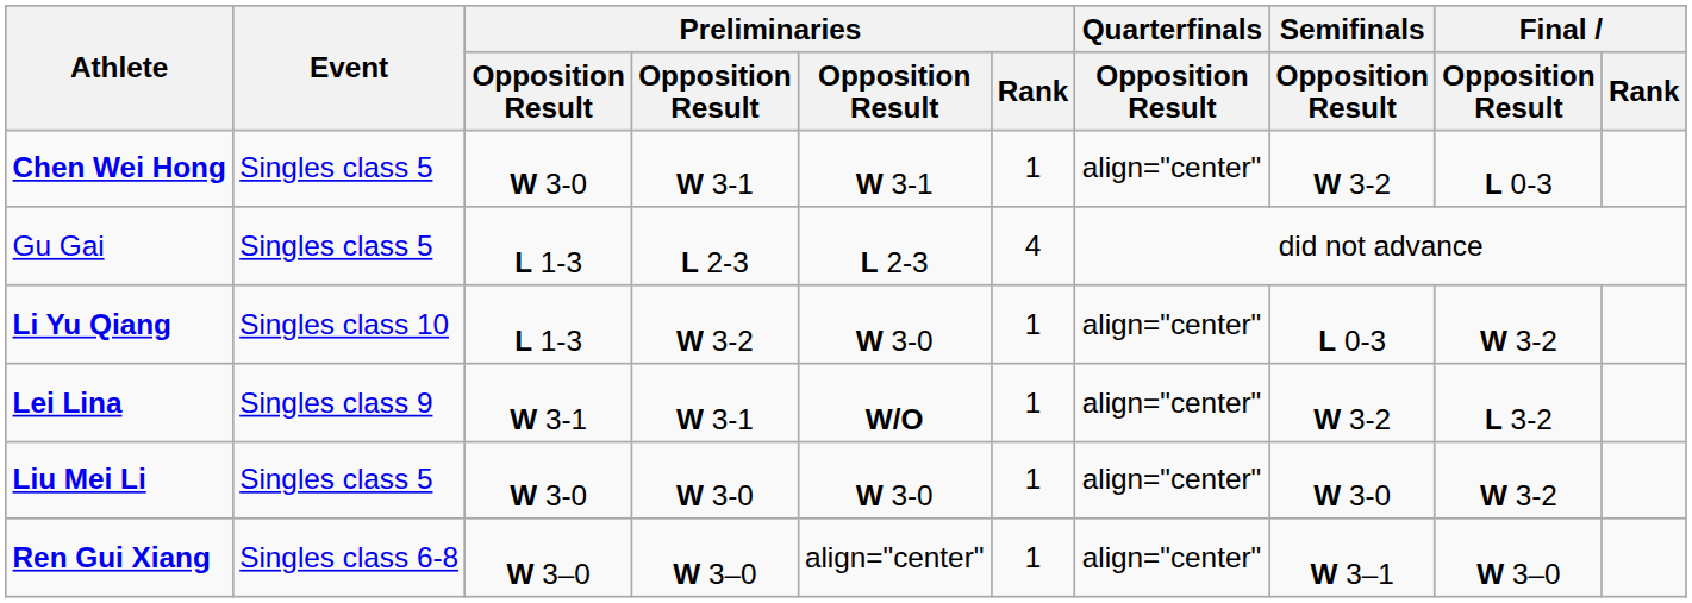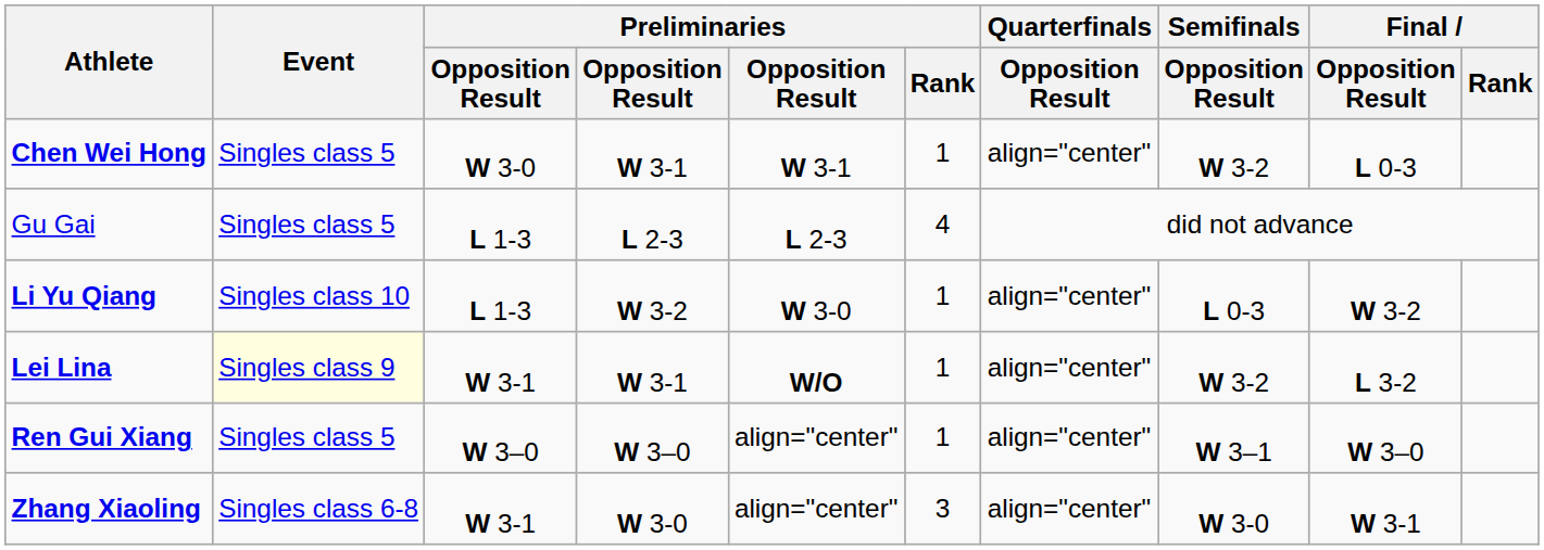 <table class=wikitable style="font-size:90%">
 <tr>
 <th rowspan="2">Athlete</th>
 <th rowspan="2">Event</th>
 <th colspan="4">Preliminaries</th>
 <th>Quarterfinals</th>
 <th>Semifinals</th>
 <th colspan="2">Final / </th>
 </tr>
 <tr>
 <th>Opposition<br>Result</th>
 <th>Opposition<br>Result</th>
 <th>Opposition<br>Result</th>
 <th>Rank</th>
 <th>Opposition<br>Result</th>
 <th>Opposition<br>Result</th>
 <th>Opposition<br>Result</th>
 <th>Rank</th>
 </tr>
 <tr>
 <td><strong><a href='#'>Chen Wei Hong</a></strong></td>
 <td><a href='#'>Singles class 5</a></td>
 <td align="center"><br><strong>W</strong> 3-0</td>
 <td align="center"><br><strong>W</strong> 3-1</td>
 <td align="center"><br><strong>W</strong> 3-1</td>
 <td align="center">1</td>
 <td>align="center" </td>
 <td align="center"><br><strong>W</strong> 3-2</td>
 <td align="center"><br><strong>L</strong> 0-3</td>
 <td align="center"></td>
 </tr>
 <tr>
 <td><a href='#'>Gu Gai</a></td>
 <td><a href='#'>Singles class 5</a></td>
 <td align="center"><br><strong>L</strong> 1-3</td>
 <td align="center"><br><strong>L</strong> 2-3</td>
 <td align="center"><br><strong>L</strong> 2-3</td>
 <td align="center">4</td>
 <td align="center" colspan="4">did not advance</td>
 </tr>
 <tr>
 <td><strong><a href='#'>Li Yu Qiang</a></strong></td>
 <td><a href='#'>Singles class 10</a></td>
 <td align="center"><br><strong>L</strong> 1-3</td>
 <td align="center"><br><strong>W</strong> 3-2</td>
 <td align="center"><br><strong>W</strong> 3-0</td>
 <td align="center">1</td>
 <td>align="center" </td>
 <td align="center"><br><strong>L</strong> 0-3</td>
 <td align="center"><br><strong>W</strong> 3-2</td>
 <td align="center"></td>
 </tr>
 <tr>
 <td><strong><a href='#'>Lei Lina</a></strong></td>
-<td><a href='#'>Singles class 9</a></td>
+<td style="background: lightyellow;"><a href='#'>Singles class 9</a></td>
 <td align="center"><br><strong>W</strong> 3-1</td>
 <td align="center"><br><strong>W</strong> 3-1</td>
 <td align="center"><br><strong>W/O</strong></td>
 <td align="center">1</td>
 <td>align="center" </td>
 <td align="center"><br><strong>W</strong> 3-2</td>
 <td align="center"><br><strong>L</strong> 3-2</td>
 <td align="center"></td>
 </tr>
 <tr>
-<td><strong><a href='#'>Liu Mei Li</a></strong></td>
+<td><strong><a href='#'>Ren Gui Xiang</a></strong></td>
 <td><a href='#'>Singles class 5</a></td>
-<td align="center"><br><strong>W</strong> 3-0</td>
-<td align="center"><br><strong>W</strong> 3-0</td>
-<td align="center"><br><strong>W</strong> 3-0</td>
-<td align="center">1</td>
-<td>align="center" </td>
-<td align="center"><br><strong>W</strong> 3-0</td>
-<td align="center"><br><strong>W</strong> 3-2</td>
-<td align="center"></td>
-</tr>
-<tr>
-<td><strong><a href='#'>Ren Gui Xiang</a></strong></td>
-<td><a href='#'>Singles class 6-8</a></td>
 <td align="center"><br><strong>W</strong> 3–0</td>
 <td align="center"><br><strong>W</strong> 3–0</td>
 <td>align="center" </td>
 <td align="center">1</td>
 <td>align="center" </td>
 <td align="center"><br><strong>W</strong> 3–1</td>
 <td align="center"><br><strong>W</strong> 3–0</td>
 <td align="center"></td>
 </tr>
+<tr>
+<td><strong><a href='#'>Zhang Xiaoling</a></strong></td>
+<td><a href='#'>Singles class 6-8</a></td>
+<td align="center"><br><strong>W</strong> 3-1</td>
+<td align="center"><br><strong>W</strong> 3-0</td>
+<td>align="center" </td>
+<td align="center">3</td>
+<td>align="center" </td>
+<td align="center"><br><strong>W</strong> 3-0</td>
+<td align="center"><br><strong>W</strong> 3-1</td>
+<td align="center"></td>
+</tr>
 </table>
